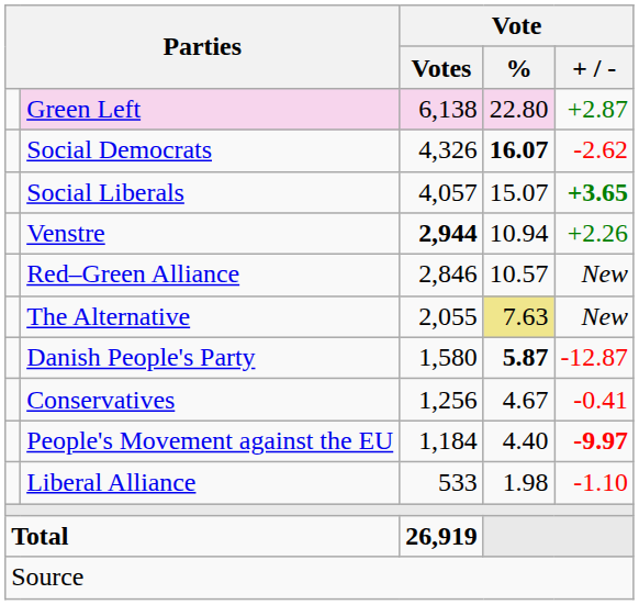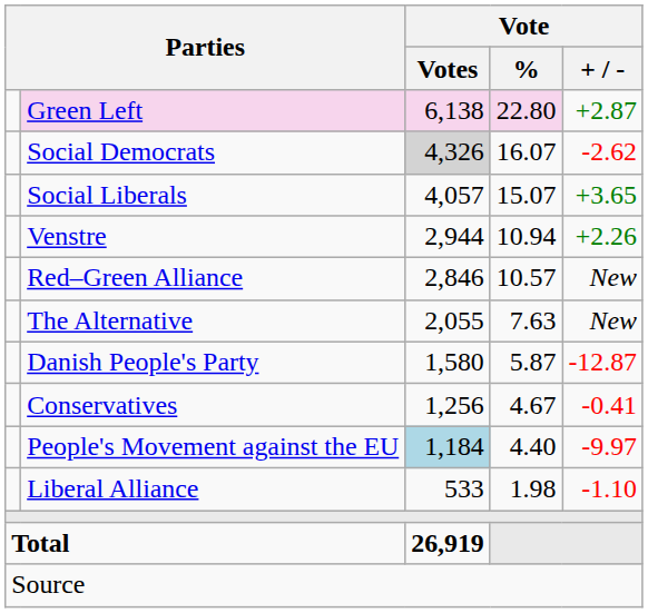 <table class="wikitable" style="text-align:right;">
 <tr>
 <th style="text-align:centre;" rowspan="2" colspan="2" width="225">Parties</th>
 <th colspan="3">Vote</th>
 </tr>
 <tr>
 <th width="15">Votes</th>
 <th width="15">%</th>
 <th width="15">+ / -</th>
 </tr>
 <tr>
 <td width="2" style="color:inherit;background:"></td>
 <td bgcolor=#f7d5ed   align="left"><a href='#'>Green Left</a></td>
 <td bgcolor=#f7d5ed>6,138</td>
 <td bgcolor=#f7d5ed>22.80</td>
 <td style=color:green;>+2.87</td>
 </tr>
 <tr>
 <td width="2" style="color:inherit;background:"></td>
 <td align="left"><a href='#'>Social Democrats</a></td>
-<td>4,326</td>
-<td><strong>16.07</strong></td>
+<td style="background: lightgrey;">4,326</td>
+<td>16.07</td>
 <td style=color:red;>-2.62</td>
 </tr>
 <tr>
 <td width="2" style="color:inherit;background:"></td>
 <td align="left"><a href='#'>Social Liberals</a></td>
 <td>4,057</td>
 <td>15.07</td>
-<td style=color:green;><strong>+3.65</strong></td>
+<td style=color:green;>+3.65</td>
 </tr>
 <tr>
 <td width="2" style="color:inherit;background:"></td>
 <td align="left"><a href='#'>Venstre</a></td>
-<td><strong>2,944</strong></td>
+<td>2,944</td>
 <td>10.94</td>
 <td style=color:green;>+2.26</td>
 </tr>
 <tr>
 <td width="2" style="color:inherit;background:"></td>
 <td align="left"><a href='#'>Red–Green Alliance</a></td>
 <td>2,846</td>
 <td>10.57</td>
 <td><em>New</em></td>
 </tr>
 <tr>
 <td width="2" style="color:inherit;background:"></td>
 <td align="left"><a href='#'>The Alternative</a></td>
 <td>2,055</td>
-<td style="background: khaki;">7.63</td>
+<td>7.63</td>
 <td><em>New</em></td>
 </tr>
 <tr>
 <td width="2" style="color:inherit;background:"></td>
 <td align="left"><a href='#'>Danish People's Party</a></td>
 <td>1,580</td>
-<td><strong>5.87</strong></td>
+<td>5.87</td>
 <td style=color:red;>-12.87</td>
 </tr>
 <tr>
 <td width="2" style="color:inherit;background:"></td>
 <td align="left"><a href='#'>Conservatives</a></td>
 <td>1,256</td>
 <td>4.67</td>
 <td style=color:red;>-0.41</td>
 </tr>
 <tr>
 <td width="2" style="color:inherit;background:"></td>
 <td align="left"><a href='#'>People's Movement against the EU</a></td>
-<td>1,184</td>
+<td style="background: lightblue;">1,184</td>
 <td>4.40</td>
-<td style=color:red;><strong>-9.97</strong></td>
+<td style=color:red;>-9.97</td>
 </tr>
 <tr>
 <td width="2" style="color:inherit;background:"></td>
 <td align="left"><a href='#'>Liberal Alliance</a></td>
 <td>533</td>
 <td>1.98</td>
 <td style=color:red;>-1.10</td>
 </tr>
 <tr>
 <td colspan="7" bgcolor="#E9E9E9"></td>
 </tr>
 <tr>
 <td align="left" colspan="2"><strong>Total</strong></td>
 <td><strong>26,919</strong></td>
 <td bgcolor="#E9E9E9" colspan="2"></td>
 </tr>
 <tr>
 <td align="left" colspan="6">Source</td>
 </tr>
 </table>
